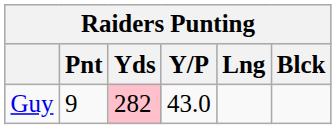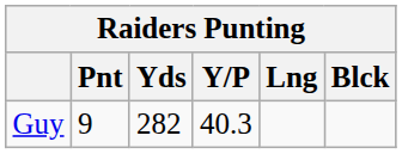 <table class="wikitable">
 <tr>
 <th colspan="6">Raiders Punting</th>
 </tr>
 <tr>
 <th></th>
 <th>Pnt</th>
 <th>Yds</th>
 <th>Y/P</th>
 <th>Lng</th>
 <th>Blck</th>
 </tr>
 <tr>
 <td><a href='#'>Guy</a></td>
 <td>9</td>
-<td style="background: pink;">282</td>
-<td>43.0</td>
+<td>282</td>
+<td>40.3</td>
 <td></td>
 <td></td>
 </tr>
 </table>
